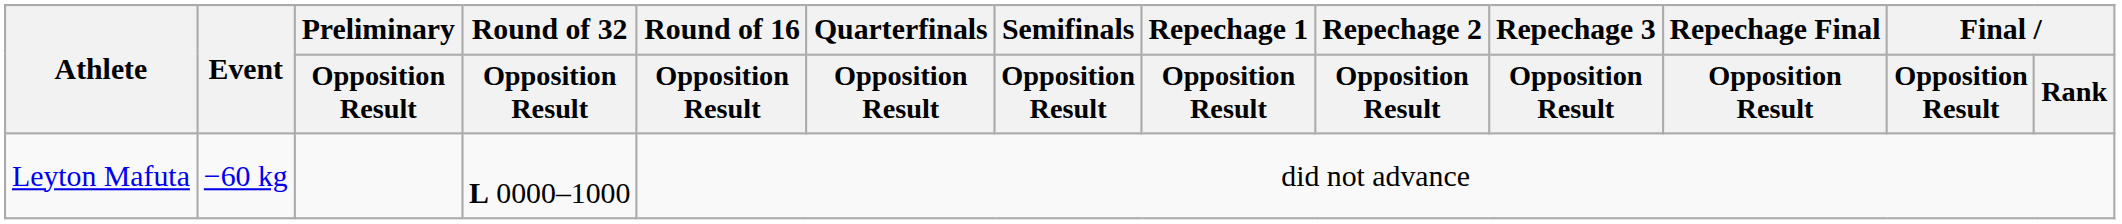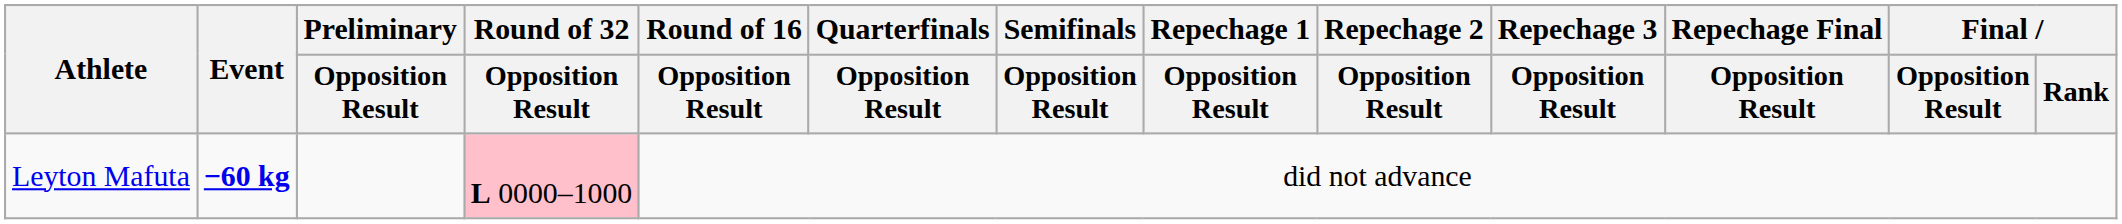 <table class="wikitable" style="font-size:90%">
 <tr>
 <th rowspan="2">Athlete</th>
 <th rowspan="2">Event</th>
 <th>Preliminary</th>
 <th>Round of 32</th>
 <th>Round of 16</th>
 <th>Quarterfinals</th>
 <th>Semifinals</th>
 <th>Repechage 1</th>
 <th>Repechage 2</th>
 <th>Repechage 3</th>
 <th>Repechage Final</th>
 <th colspan=2>Final / </th>
 </tr>
 <tr style="font-size:95%">
 <th>Opposition<br>Result</th>
 <th>Opposition<br>Result</th>
 <th>Opposition<br>Result</th>
 <th>Opposition<br>Result</th>
 <th>Opposition<br>Result</th>
 <th>Opposition<br>Result</th>
 <th>Opposition<br>Result</th>
 <th>Opposition<br>Result</th>
 <th>Opposition<br>Result</th>
 <th>Opposition<br>Result</th>
 <th>Rank</th>
 </tr>
 <tr align=center>
 <td align=left><a href='#'>Leyton Mafuta</a></td>
-<td align=left><a href='#'>−60 kg</a></td>
+<td align=left><strong><a href='#'>−60 kg</a></strong></td>
 <td></td>
-<td><br><strong>L</strong> 0000–1000</td>
+<td style="background: pink;"><br><strong>L</strong> 0000–1000</td>
 <td colspan=9>did not advance</td>
 </tr>
 </table>
